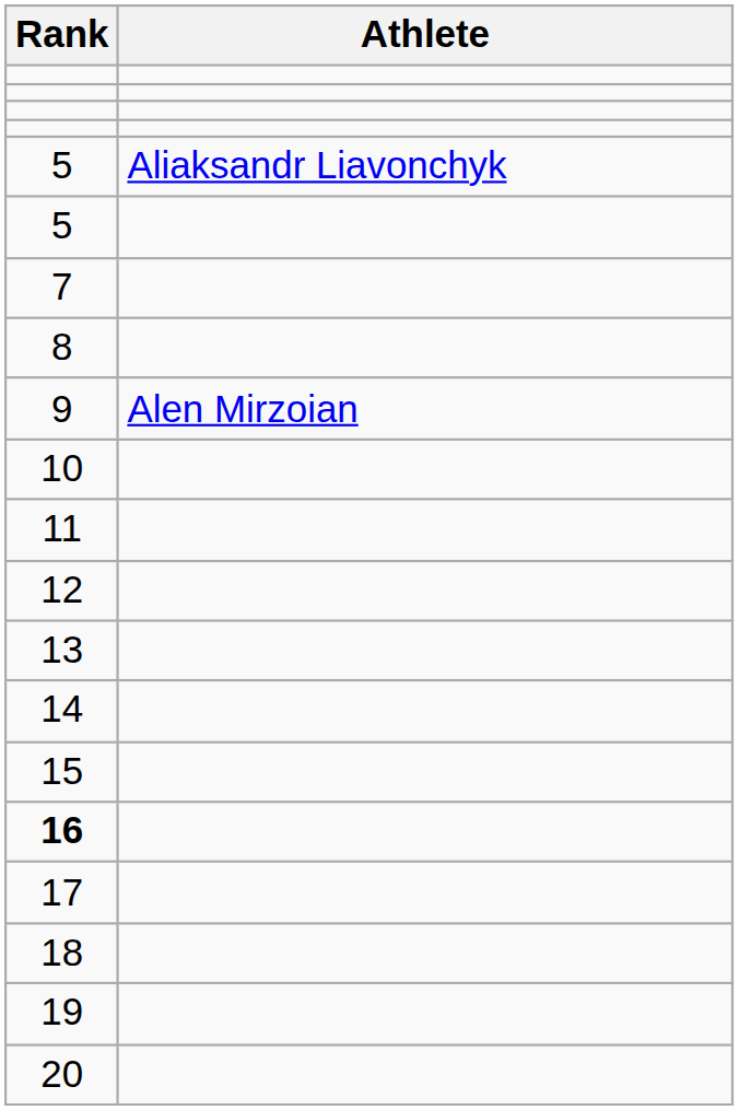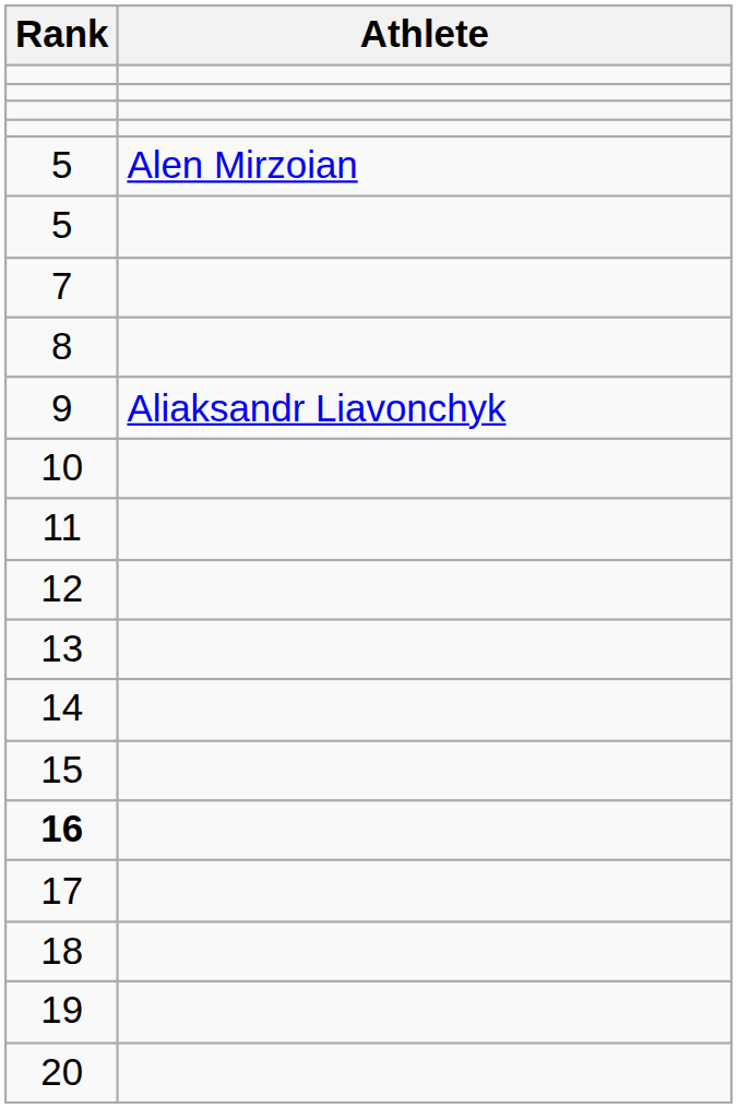 <table class="wikitable" style="text-align: center;">
 <tr>
 <th width=40>Rank</th>
 <th width=250>Athlete</th>
 </tr>
 <tr>
 <td></td>
 <td align="left"></td>
 </tr>
 <tr>
 <td></td>
 <td align="left"></td>
 </tr>
 <tr>
 <td></td>
 <td align="left"></td>
 </tr>
 <tr>
 <td></td>
 <td align="left"></td>
 </tr>
 <tr>
 <td>5</td>
-<td align="left"> <a href='#'>Aliaksandr Liavonchyk</a> </td>
+<td align="left"> <a href='#'>Alen Mirzoian</a> </td>
 </tr>
 <tr>
 <td>5</td>
 <td align="left"></td>
 </tr>
 <tr>
 <td>7</td>
 <td align="left"></td>
 </tr>
 <tr>
 <td>8</td>
 <td align="left"></td>
 </tr>
 <tr>
 <td>9</td>
-<td align="left"> <a href='#'>Alen Mirzoian</a> </td>
+<td align="left"> <a href='#'>Aliaksandr Liavonchyk</a> </td>
 </tr>
 <tr>
 <td>10</td>
 <td align="left"></td>
 </tr>
 <tr>
 <td>11</td>
 <td align="left"></td>
 </tr>
 <tr>
 <td>12</td>
 <td align="left"></td>
 </tr>
 <tr>
 <td>13</td>
 <td align="left"></td>
 </tr>
 <tr>
 <td>14</td>
 <td align="left"></td>
 </tr>
 <tr>
 <td>15</td>
 <td align="left"></td>
 </tr>
 <tr>
 <td><strong>16</strong></td>
 <td align="left"></td>
 </tr>
 <tr>
 <td>17</td>
 <td align="left"></td>
 </tr>
 <tr>
 <td>18</td>
 <td align="left"></td>
 </tr>
 <tr>
 <td>19</td>
 <td align="left"></td>
 </tr>
 <tr>
 <td>20</td>
 <td align="left"></td>
 </tr>
 </table>
